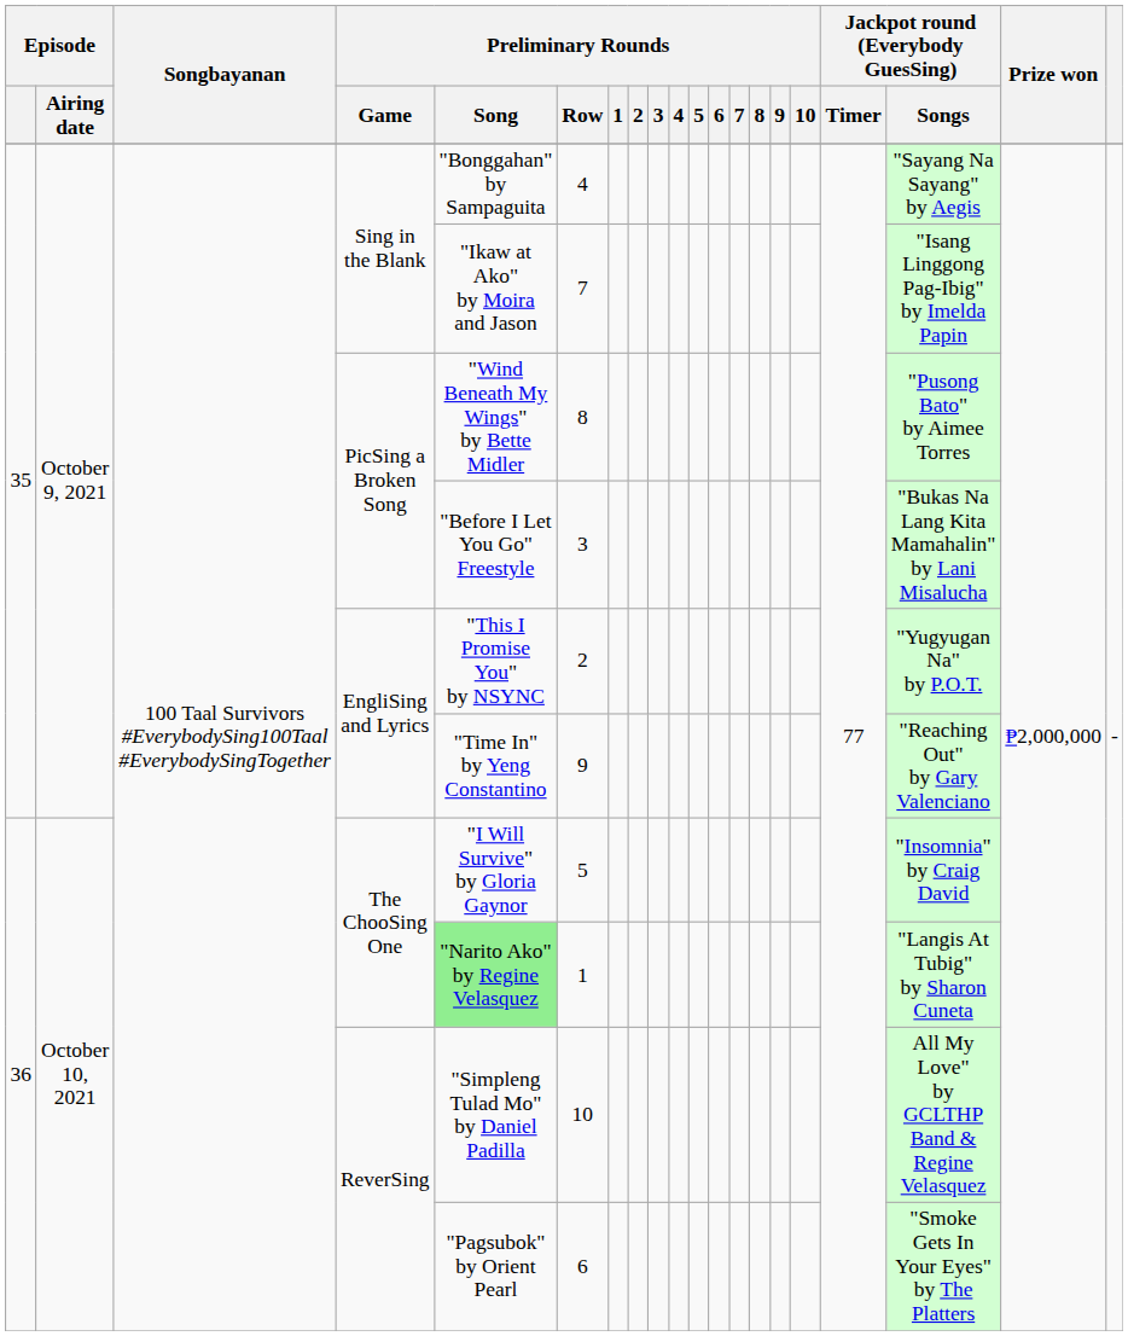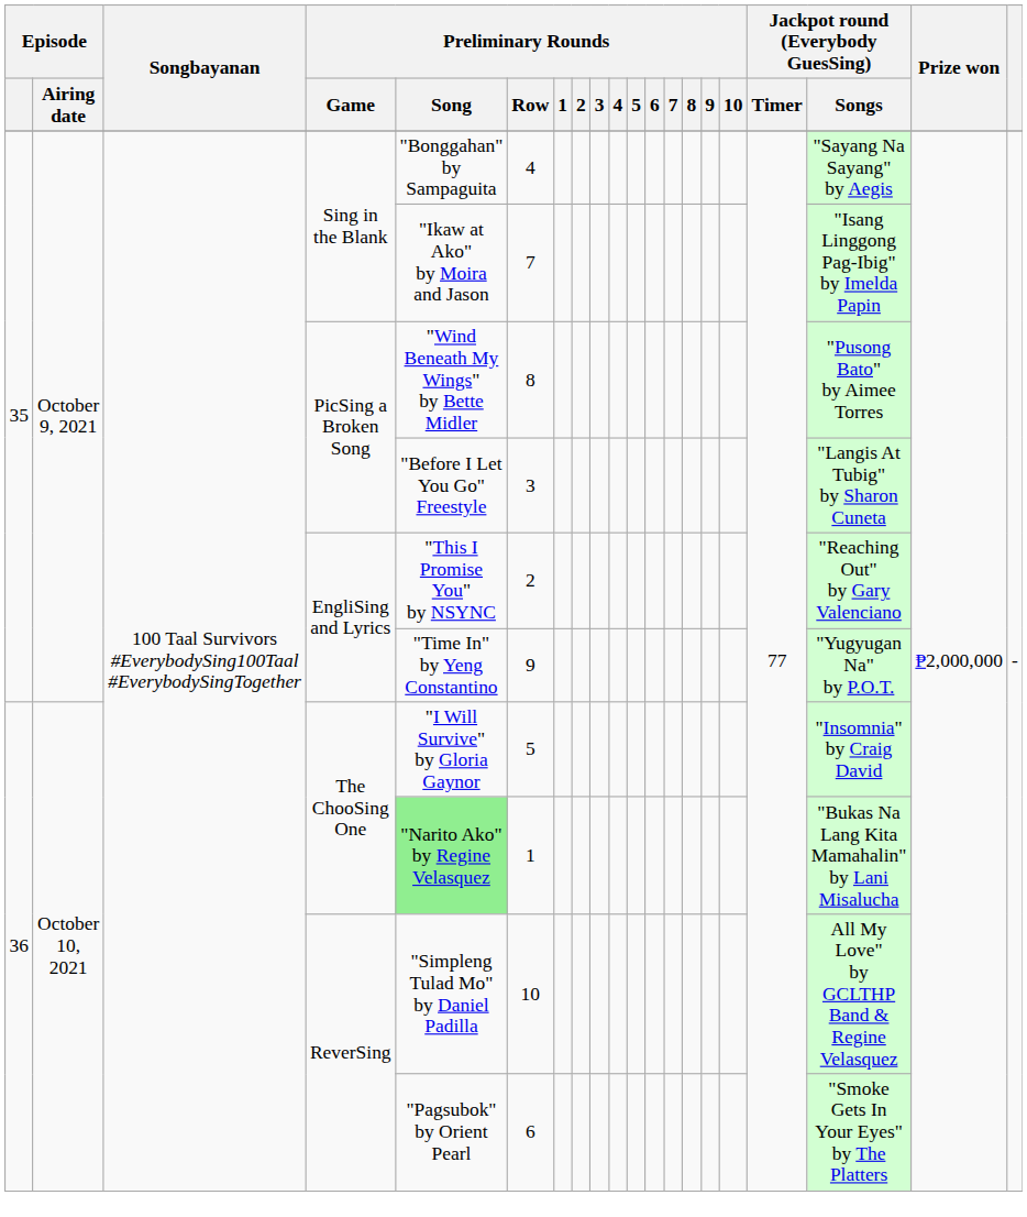 <table class="wikitable mw-collapsible mw-collapsed" style="text-align:center; width:100%">
 <tr>
 <th colspan=2>Episode</th>
 <th rowspan=2>Songbayanan</th>
 <th colspan=13>Preliminary Rounds</th>
 <th colspan=2>Jackpot round<br><strong>(Everybody GuesSing)</strong></th>
 <th rowspan=2>Prize won</th>
 <th rowspan=2></th>
 </tr>
 <tr>
 <th></th>
 <th>Airing date</th>
 <th>Game</th>
 <th>Song</th>
 <th>Row</th>
 <th>1</th>
 <th>2</th>
 <th>3</th>
 <th>4</th>
 <th>5</th>
 <th>6</th>
 <th>7</th>
 <th>8</th>
 <th>9</th>
 <th>10</th>
 <th>Timer</th>
 <th>Songs</th>
 </tr>
 <tr>
 </tr>
 <tr>
 </tr>
 <tr>
 <td rowspan=6>35</td>
 <td rowspan=6>October 9, 2021</td>
 <td rowspan=10>100 Taal Survivors <br> <em>#EverybodySing100Taal</em> <br> <em>#EverybodySingTogether</em></td>
 <td rowspan=2>Sing in the Blank</td>
 <td>"Bonggahan" <br> by Sampaguita</td>
 <td>4</td>
 <td></td>
 <td></td>
 <td></td>
 <td></td>
 <td></td>
 <td></td>
 <td></td>
 <td></td>
 <td></td>
 <td></td>
 <td rowspan=10>77 </td>
 <td bgcolor=D2FFD2>"Sayang Na Sayang"<br>by <a href='#'>Aegis</a></td>
 <td rowspan=10><a href='#'>₱</a>2,000,000</td>
 <td rowspan=10>-</td>
 </tr>
 <tr>
 <td>"Ikaw at Ako" <br> by <a href='#'>Moira</a> and Jason</td>
 <td>7</td>
 <td></td>
 <td></td>
 <td></td>
 <td></td>
 <td></td>
 <td></td>
 <td></td>
 <td></td>
 <td></td>
 <td></td>
 <td bgcolor=D2FFD2>"Isang Linggong Pag-Ibig"<br>by <a href='#'>Imelda Papin</a></td>
 </tr>
 <tr>
 <td rowspan=2>PicSing a Broken Song</td>
 <td>"<a href='#'>Wind Beneath My Wings</a>" <br> by <a href='#'>Bette Midler</a></td>
 <td>8</td>
 <td></td>
 <td></td>
 <td></td>
 <td></td>
 <td></td>
 <td></td>
 <td></td>
 <td></td>
 <td></td>
 <td></td>
 <td bgcolor=D2FFD2>"<a href='#'>Pusong Bato</a>" <br>by Aimee Torres</td>
 </tr>
 <tr>
 <td>"Before I Let You Go" <br> <a href='#'>Freestyle</a></td>
 <td>3</td>
 <td></td>
 <td></td>
 <td></td>
 <td></td>
 <td></td>
 <td></td>
 <td></td>
 <td></td>
 <td></td>
 <td></td>
-<td bgcolor=D2FFD2>"Bukas Na Lang Kita Mamahalin"<br>by <a href='#'>Lani Misalucha</a></td>
+<td bgcolor=D2FFD2>"Langis At Tubig"<br>by <a href='#'>Sharon Cuneta</a></td>
 </tr>
 <tr>
 <td rowspan=2>EngliSing and Lyrics</td>
 <td>"<a href='#'>This I Promise You</a>" <br> by <a href='#'>NSYNC</a></td>
 <td>2</td>
 <td></td>
 <td></td>
 <td></td>
 <td></td>
 <td></td>
 <td></td>
 <td></td>
 <td></td>
 <td></td>
 <td></td>
-<td bgcolor=D2FFD2>"Yugyugan Na"<br>by <a href='#'>P.O.T.</a></td>
+<td bgcolor=D2FFD2>"Reaching Out"<br>by <a href='#'>Gary Valenciano</a></td>
 </tr>
 <tr>
 <td>"Time In" <br> by <a href='#'>Yeng Constantino</a></td>
 <td>9</td>
 <td></td>
 <td></td>
 <td></td>
 <td></td>
 <td></td>
 <td></td>
 <td></td>
 <td></td>
 <td></td>
 <td></td>
-<td bgcolor=D2FFD2>"Reaching Out"<br>by <a href='#'>Gary Valenciano</a></td>
+<td bgcolor=D2FFD2>"Yugyugan Na"<br>by <a href='#'>P.O.T.</a></td>
 </tr>
 <tr>
 <td rowspan=4>36</td>
 <td rowspan=4>October 10, 2021</td>
 <td rowspan=2>The ChooSing One</td>
 <td>"<a href='#'>I Will Survive</a>" <br> by <a href='#'>Gloria Gaynor</a></td>
 <td>5</td>
 <td></td>
 <td></td>
 <td></td>
 <td></td>
 <td></td>
 <td></td>
 <td></td>
 <td></td>
 <td></td>
 <td></td>
 <td bgcolor=D2FFD2>"<a href='#'>Insomnia</a>"<br>by <a href='#'>Craig David</a></td>
 </tr>
 <tr>
 <td style="background: lightgreen;">"Narito Ako" <br> by <a href='#'>Regine Velasquez</a></td>
 <td>1</td>
 <td></td>
 <td></td>
 <td></td>
 <td></td>
 <td></td>
 <td></td>
 <td></td>
 <td></td>
 <td></td>
 <td></td>
-<td bgcolor=D2FFD2>"Langis At Tubig"<br>by <a href='#'>Sharon Cuneta</a></td>
+<td bgcolor=D2FFD2>"Bukas Na Lang Kita Mamahalin"<br>by <a href='#'>Lani Misalucha</a></td>
 </tr>
 <tr>
 <td rowspan=2>ReverSing</td>
 <td>"Simpleng Tulad Mo" <br> by <a href='#'>Daniel Padilla</a></td>
 <td>10</td>
 <td></td>
 <td></td>
 <td></td>
 <td></td>
 <td></td>
 <td></td>
 <td></td>
 <td></td>
 <td></td>
 <td></td>
 <td bgcolor=D2FFD2>All My Love" <br>by <a href='#'>GCLTHP Band & Regine Velasquez</a></td>
 </tr>
 <tr>
 <td>"Pagsubok" <br> by Orient Pearl</td>
 <td>6</td>
 <td></td>
 <td></td>
 <td></td>
 <td></td>
 <td></td>
 <td></td>
 <td></td>
 <td></td>
 <td></td>
 <td></td>
 <td bgcolor=D2FFD2>"Smoke Gets In Your Eyes"<br>by <a href='#'>The Platters</a></td>
 </tr>
 <tr>
 </tr>
 </table>
